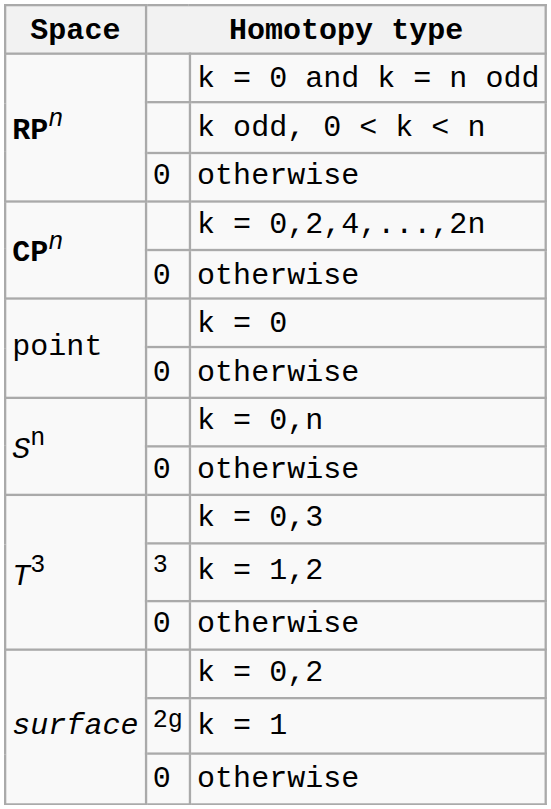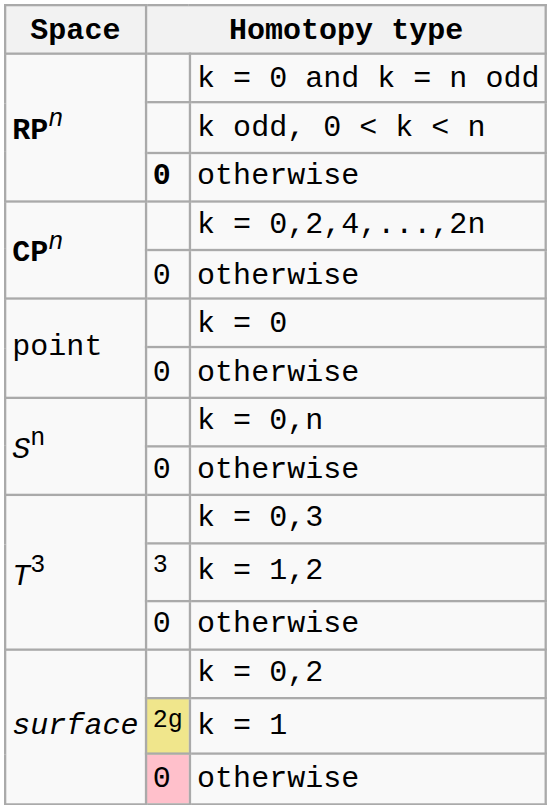 <table class="wikitable">
 <tr>
 <th>Space</th>
 <th colspan="2">Homotopy type</th>
 </tr>
 <tr>
 <td rowspan="3"><strong>RP</strong><sup><em>n</em></sup></td>
 <td></td>
 <td>k = 0 and k = n odd</td>
 </tr>
 <tr>
 <td></td>
 <td>k odd, 0 < k < n</td>
 </tr>
 <tr>
-<td>0</td>
+<td><strong>0</strong></td>
 <td>otherwise</td>
 </tr>
 <tr>
 <td rowspan="2"><strong>CP</strong><sup><em>n</em></sup></td>
 <td></td>
 <td>k = 0,2,4,...,2n</td>
 </tr>
 <tr>
 <td>0</td>
 <td>otherwise</td>
 </tr>
 <tr>
 <td rowspan="2">point</td>
 <td></td>
 <td>k = 0</td>
 </tr>
 <tr>
 <td>0</td>
 <td>otherwise</td>
 </tr>
 <tr>
 <td rowspan="2"><em>S</em><sup>n</sup></td>
 <td></td>
 <td>k = 0,n</td>
 </tr>
 <tr>
 <td>0</td>
 <td>otherwise</td>
 </tr>
 <tr>
 <td rowspan="3"><em>T</em><sup>3</sup></td>
 <td></td>
 <td>k = 0,3</td>
 </tr>
 <tr>
 <td><sup>3</sup></td>
 <td>k = 1,2</td>
 </tr>
 <tr>
 <td>0</td>
 <td>otherwise</td>
 </tr>
 <tr>
 <td rowspan="3"><em> surface</em></td>
 <td></td>
 <td>k = 0,2</td>
 </tr>
 <tr>
-<td><sup>2g</sup></td>
+<td style="background: khaki;"><sup>2g</sup></td>
 <td>k = 1</td>
 </tr>
 <tr>
-<td>0</td>
+<td style="background: pink;">0</td>
 <td>otherwise</td>
 </tr>
 </table>
